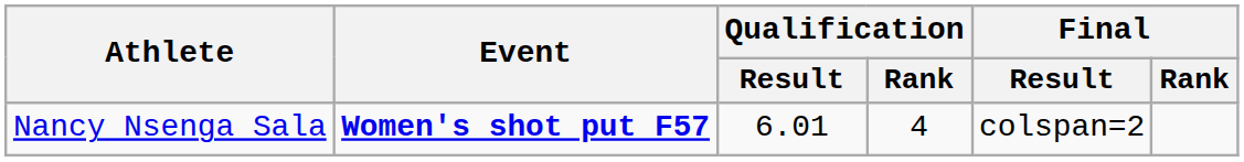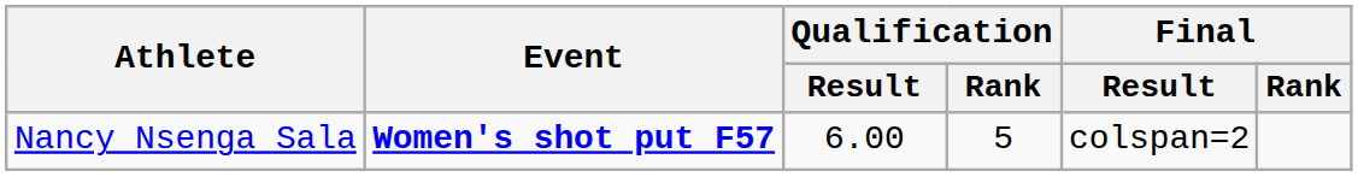 <table class="wikitable" style="font-size:90%">
 <tr>
 <th rowspan="2">Athlete</th>
 <th rowspan="2">Event</th>
 <th colspan="2">Qualification</th>
 <th colspan="2">Final</th>
 </tr>
 <tr style="font-size:95%">
 <th>Result</th>
 <th>Rank</th>
 <th>Result</th>
 <th>Rank</th>
 </tr>
 <tr align=center>
 <td align=left><a href='#'>Nancy Nsenga Sala</a></td>
 <td align=left><strong><a href='#'>Women's shot put F57</a></strong></td>
-<td>6.01</td>
-<td>4</td>
+<td>6.00</td>
+<td>5</td>
 <td>colspan=2 </td>
 </tr>
 </table>
